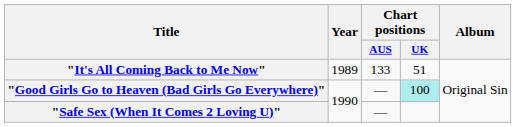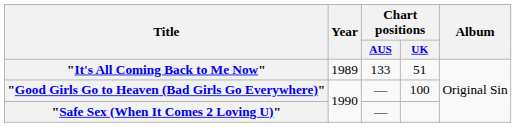 <table class="wikitable plainrowheaders" style="text-align:center;">
 <tr>
 <th rowspan="2">Title</th>
 <th rowspan="2">Year</th>
 <th colspan="2">Chart positions</th>
 <th rowspan="2">Album</th>
 </tr>
 <tr>
 <th scope="col" style="width:3em;font-size:85%;"><a href='#'>AUS</a><br></th>
 <th scope="col" style="width:3em;font-size:85%;"><a href='#'>UK</a><br></th>
 </tr>
 <tr>
 <th scope="row">"<a href='#'>It's All Coming Back to Me Now</a>"</th>
 <td>1989</td>
 <td>133</td>
 <td>51</td>
 <td rowspan="3">Original Sin</td>
 </tr>
 <tr>
 <th scope="row">"<a href='#'>Good Girls Go to Heaven (Bad Girls Go Everywhere)</a>"</th>
 <td rowspan="2">1990</td>
 <td>—</td>
-<td style="background: paleturquoise;">100</td>
+<td>100</td>
 </tr>
 <tr>
 <th scope="row">"<a href='#'>Safe Sex (When It Comes 2 Loving U)</a>"</th>
 <td>—</td>
 </tr>
 </table>
